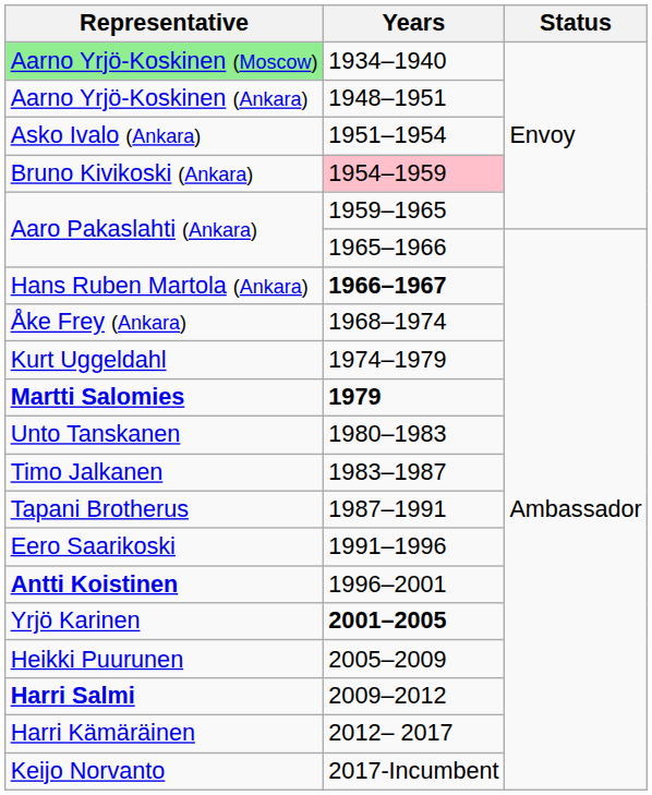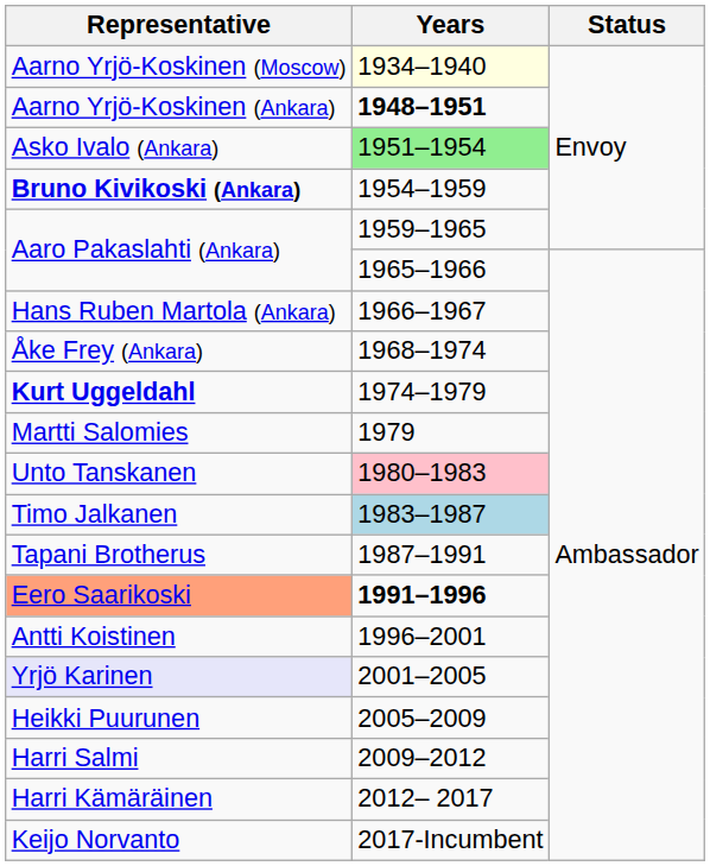 <table class="wikitable sortable">
 <tr>
 <th>Representative</th>
 <th>Years</th>
 <th>Status</th>
 </tr>
 <tr>
-<td style="background: lightgreen;"><a href='#'>Aarno Yrjö-Koskinen</a> <small>(<a href='#'>Moscow</a>)</small></td>
-<td>1934–1940</td>
+<td><a href='#'>Aarno Yrjö-Koskinen</a> <small>(<a href='#'>Moscow</a>)</small></td>
+<td style="background: lightyellow;">1934–1940</td>
 <td rowspan="5">Envoy</td>
 </tr>
 <tr>
 <td><a href='#'>Aarno Yrjö-Koskinen</a> <small>(<a href='#'>Ankara</a>)</small></td>
-<td>1948–1951</td>
+<td><strong>1948–1951</strong></td>
 </tr>
 <tr>
 <td><a href='#'>Asko Ivalo</a> <small>(<a href='#'>Ankara</a>)</small></td>
-<td>1951–1954</td>
+<td style="background: lightgreen;">1951–1954</td>
 </tr>
 <tr>
-<td><a href='#'>Bruno Kivikoski</a> <small>(<a href='#'>Ankara</a>)</small></td>
-<td style="background: pink;">1954–1959</td>
+<td><strong><a href='#'>Bruno Kivikoski</a> <small>(<a href='#'>Ankara</a>)</small></strong></td>
+<td>1954–1959</td>
 </tr>
 <tr>
 <td rowspan="2"><a href='#'>Aaro Pakaslahti</a> <small>(<a href='#'>Ankara</a>)</small></td>
 <td>1959–1965</td>
 </tr>
 <tr>
 <td>1965–1966</td>
 <td rowspan="15">Ambassador</td>
 </tr>
 <tr>
 <td><a href='#'>Hans Ruben Martola</a> <small>(<a href='#'>Ankara</a>)</small></td>
-<td><strong>1966–1967</strong></td>
+<td>1966–1967</td>
 </tr>
 <tr>
 <td><a href='#'>Åke Frey</a> <small>(<a href='#'>Ankara</a>)</small></td>
 <td>1968–1974</td>
 </tr>
 <tr>
-<td><a href='#'>Kurt Uggeldahl</a></td>
+<td><strong><a href='#'>Kurt Uggeldahl</a></strong></td>
 <td>1974–1979</td>
 </tr>
 <tr>
-<td><strong><a href='#'>Martti Salomies</a></strong></td>
-<td><strong>1979</strong></td>
+<td><a href='#'>Martti Salomies</a></td>
+<td>1979</td>
 </tr>
 <tr>
 <td><a href='#'>Unto Tanskanen</a></td>
-<td>1980–1983</td>
+<td style="background: pink;">1980–1983</td>
 </tr>
 <tr>
 <td><a href='#'>Timo Jalkanen</a></td>
-<td>1983–1987</td>
+<td style="background: lightblue;">1983–1987</td>
 </tr>
 <tr>
 <td><a href='#'>Tapani Brotherus</a></td>
 <td>1987–1991</td>
 </tr>
 <tr>
-<td><a href='#'>Eero Saarikoski</a></td>
-<td>1991–1996</td>
+<td style="background: lightsalmon;"><a href='#'>Eero Saarikoski</a></td>
+<td><strong>1991–1996</strong></td>
 </tr>
 <tr>
-<td><strong><a href='#'>Antti Koistinen</a></strong></td>
+<td><a href='#'>Antti Koistinen</a></td>
 <td>1996–2001</td>
 </tr>
 <tr>
-<td><a href='#'>Yrjö Karinen</a></td>
-<td><strong>2001–2005</strong></td>
+<td style="background: lavender;"><a href='#'>Yrjö Karinen</a></td>
+<td>2001–2005</td>
 </tr>
 <tr>
 <td><a href='#'>Heikki Puurunen</a></td>
 <td>2005–2009</td>
 </tr>
 <tr>
-<td><strong><a href='#'>Harri Salmi</a></strong></td>
+<td><a href='#'>Harri Salmi</a></td>
 <td>2009–2012</td>
 </tr>
 <tr>
 <td><a href='#'>Harri Kämäräinen</a></td>
 <td>2012– 2017</td>
 </tr>
 <tr>
 <td><a href='#'>Keijo Norvanto</a></td>
 <td>2017-Incumbent</td>
 </tr>
 </table>
